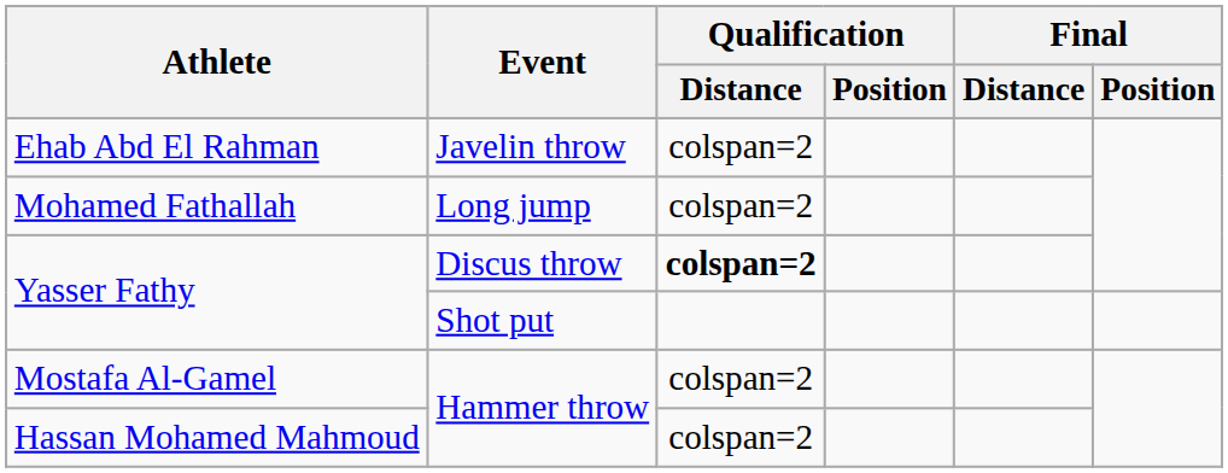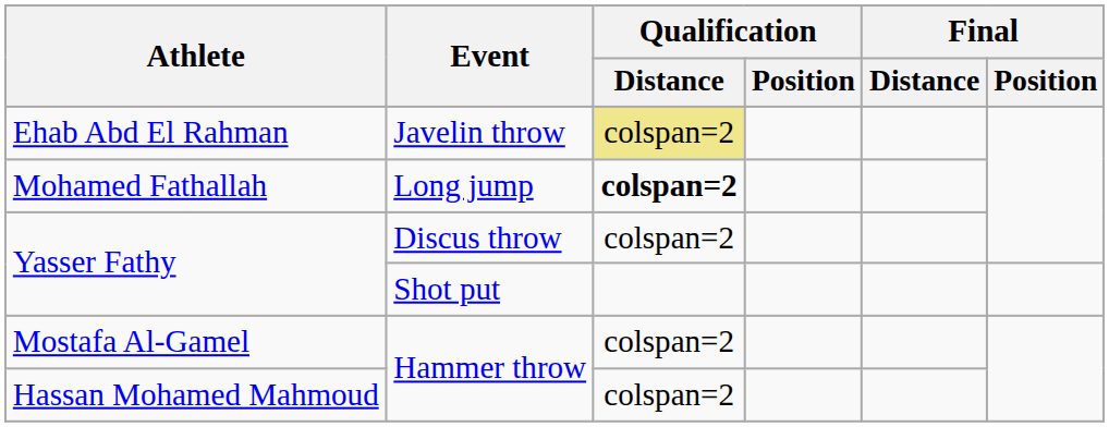 <table class=wikitable style="font-size:90%">
 <tr>
 <th rowspan="2">Athlete</th>
 <th rowspan="2">Event</th>
 <th colspan="2">Qualification</th>
 <th colspan="2">Final</th>
 </tr>
 <tr style="font-size:95%">
 <th>Distance</th>
 <th>Position</th>
 <th>Distance</th>
 <th>Position</th>
 </tr>
 <tr align=center>
 <td align=left><a href='#'>Ehab Abd El Rahman</a></td>
 <td align=left><a href='#'>Javelin throw</a></td>
-<td>colspan=2 </td>
+<td style="background: khaki;">colspan=2 </td>
 <td></td>
 <td></td>
 </tr>
 <tr align=center>
 <td align=left><a href='#'>Mohamed Fathallah</a></td>
 <td align=left><a href='#'>Long jump</a></td>
-<td>colspan=2 </td>
+<td><strong>colspan=2 </strong></td>
 <td></td>
 <td></td>
 </tr>
 <tr align=center>
 <td align=left rowspan=2><a href='#'>Yasser Fathy</a></td>
 <td align=left><a href='#'>Discus throw</a></td>
-<td><strong>colspan=2 </strong></td>
+<td>colspan=2 </td>
 <td></td>
 <td></td>
 </tr>
 <tr align=center>
 <td align=left><a href='#'>Shot put</a></td>
 <td></td>
 <td></td>
 <td></td>
 <td></td>
 </tr>
 <tr align=center>
 <td align=left><a href='#'>Mostafa Al-Gamel</a></td>
 <td align=left rowspan=2><a href='#'>Hammer throw</a></td>
 <td>colspan=2 </td>
 <td></td>
 <td></td>
 </tr>
 <tr align=center>
 <td align=left><a href='#'>Hassan Mohamed Mahmoud</a></td>
 <td>colspan=2 </td>
 <td></td>
 <td></td>
 </tr>
 </table>
